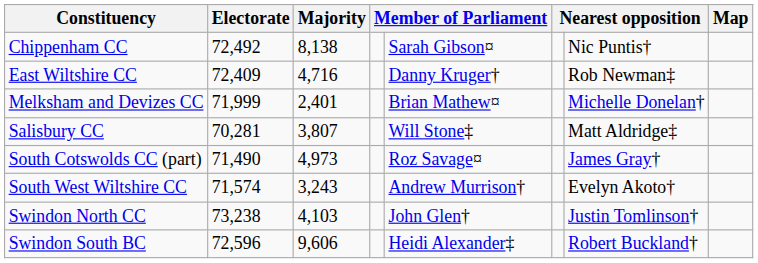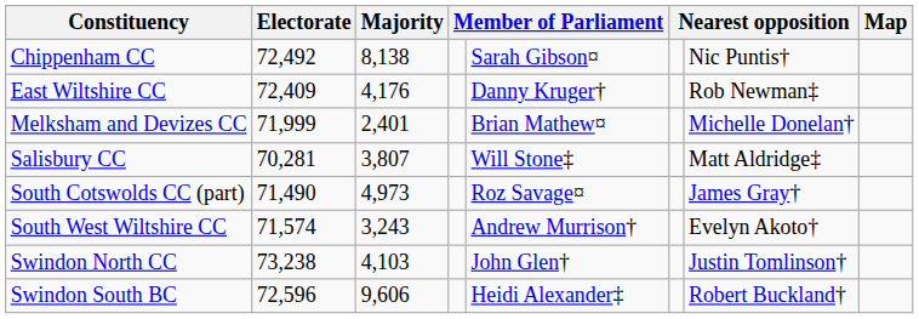 <table class="wikitable sortable">
 <tr>
 <th rowspan=1>Constituency</th>
 <th rowspan=1>Electorate</th>
 <th>Majority</th>
 <th colspan=2 class=unsortable><a href='#'>Member of Parliament</a></th>
 <th colspan=2 class=unsortable>Nearest opposition</th>
 <th rowspan=1 class=unsortable>Map</th>
 </tr>
 <tr>
 <td><a href='#'>Chippenham CC</a></td>
 <td>72,492</td>
 <td>8,138</td>
 <td style="color:inherit;background:"> </td>
 <td><a href='#'>Sarah Gibson</a>¤</td>
 <td style="color:inherit;background:"> </td>
 <td>Nic Puntis†</td>
 <td></td>
 </tr>
 <tr>
 <td><a href='#'>East Wiltshire CC</a></td>
 <td>72,409</td>
-<td>4,716</td>
+<td>4,176</td>
 <td style="color:inherit;background:"> </td>
 <td><a href='#'>Danny Kruger</a>†</td>
 <td style="color:inherit;background:"> </td>
 <td>Rob Newman‡</td>
 <td></td>
 </tr>
 <tr>
 <td><a href='#'>Melksham and Devizes CC</a></td>
 <td>71,999</td>
 <td>2,401</td>
 <td style="color:inherit;background:"> </td>
 <td><a href='#'>Brian Mathew</a>¤</td>
 <td style="color:inherit;background:"> </td>
 <td><a href='#'>Michelle Donelan</a>†</td>
 <td></td>
 </tr>
 <tr>
 <td><a href='#'>Salisbury CC</a></td>
 <td>70,281</td>
 <td>3,807</td>
 <td style="color:inherit;background:"> </td>
 <td><a href='#'>Will Stone</a>‡</td>
 <td style="color:inherit;background:"> </td>
 <td>Matt Aldridge‡</td>
 <td></td>
 </tr>
 <tr>
 <td><a href='#'>South Cotswolds CC</a> (part)</td>
 <td>71,490</td>
 <td>4,973</td>
 <td style="color:inherit;background:"> </td>
 <td><a href='#'>Roz Savage</a>¤</td>
 <td style="color:inherit;background:"> </td>
 <td><a href='#'>James Gray</a>†</td>
 <td></td>
 </tr>
 <tr>
 <td><a href='#'>South West Wiltshire CC</a></td>
 <td>71,574</td>
 <td>3,243</td>
 <td style="color:inherit;background:"> </td>
 <td><a href='#'>Andrew Murrison</a>†</td>
 <td style="color:inherit;background:"> </td>
 <td>Evelyn Akoto†</td>
 <td></td>
 </tr>
 <tr>
 <td><a href='#'>Swindon North CC</a></td>
 <td>73,238</td>
 <td>4,103</td>
 <td style="color:inherit;background:"> </td>
 <td><a href='#'>John Glen</a>†</td>
 <td style="color:inherit;background:"> </td>
 <td><a href='#'>Justin Tomlinson</a>†</td>
 <td></td>
 </tr>
 <tr>
 <td><a href='#'>Swindon South BC</a></td>
 <td>72,596</td>
 <td>9,606</td>
 <td style="color:inherit;background:"> </td>
 <td><a href='#'>Heidi Alexander</a>‡</td>
 <td style="color:inherit;background:"> </td>
 <td><a href='#'>Robert Buckland</a>†</td>
 <td></td>
 </tr>
 </table>
